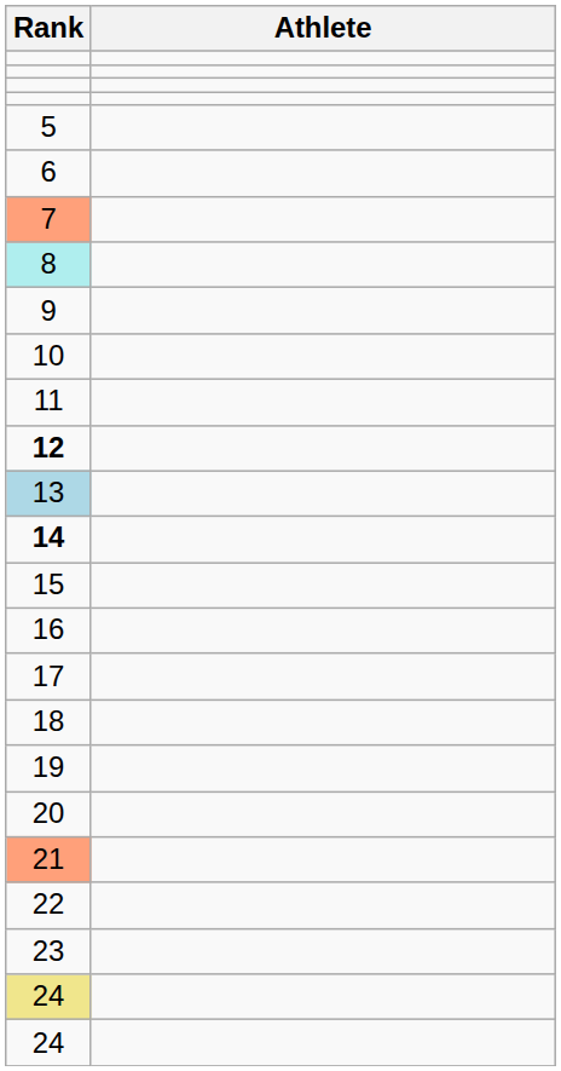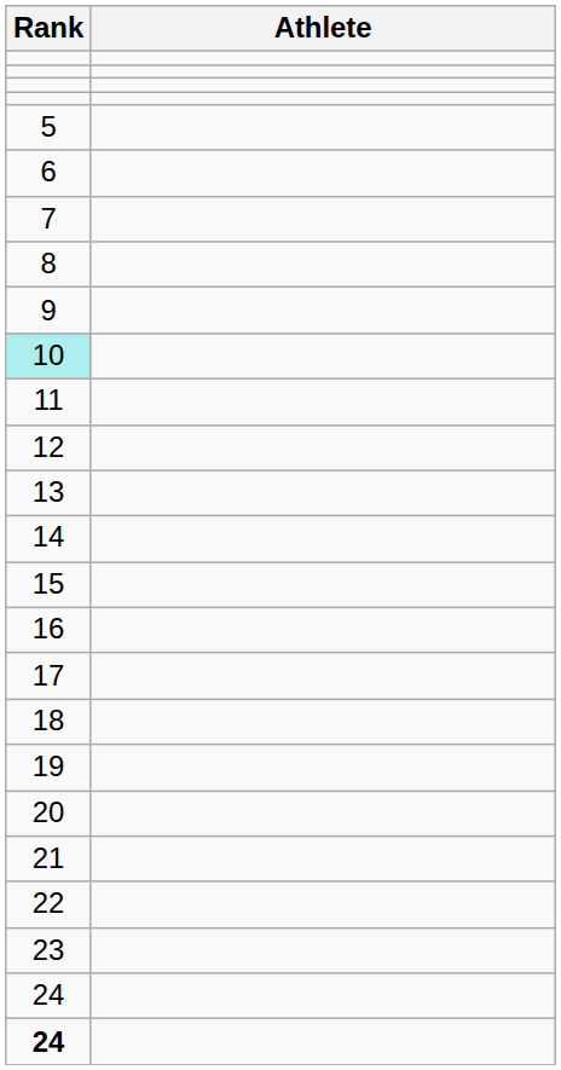 <table class="wikitable" style="text-align: center;">
 <tr>
 <th width=40>Rank</th>
 <th width=250>Athlete</th>
 </tr>
 <tr>
 <td></td>
 <td align=left></td>
 </tr>
 <tr>
 <td></td>
 <td align=left></td>
 </tr>
 <tr>
 <td></td>
 <td align=left></td>
 </tr>
 <tr>
 <td></td>
 <td align=left></td>
 </tr>
 <tr>
 <td>5</td>
 <td align=left></td>
 </tr>
 <tr>
 <td>6</td>
 <td align=left></td>
 </tr>
 <tr>
-<td style="background: lightsalmon;">7</td>
+<td>7</td>
 <td align=left></td>
 </tr>
 <tr>
-<td style="background: paleturquoise;">8</td>
+<td>8</td>
 <td align=left></td>
 </tr>
 <tr>
 <td>9</td>
 <td align=left></td>
 </tr>
 <tr>
-<td>10</td>
+<td style="background: paleturquoise;">10</td>
 <td align=left></td>
 </tr>
 <tr>
 <td>11</td>
 <td align=left></td>
 </tr>
 <tr>
-<td><strong>12</strong></td>
+<td>12</td>
 <td align=left></td>
 </tr>
 <tr>
-<td style="background: lightblue;">13</td>
+<td>13</td>
 <td align=left></td>
 </tr>
 <tr>
-<td><strong>14</strong></td>
+<td>14</td>
 <td align=left></td>
 </tr>
 <tr>
 <td>15</td>
 <td align=left></td>
 </tr>
 <tr>
 <td>16</td>
 <td align=left></td>
 </tr>
 <tr>
 <td>17</td>
 <td align=left></td>
 </tr>
 <tr>
 <td>18</td>
 <td align=left></td>
 </tr>
 <tr>
 <td>19</td>
 <td align=left></td>
 </tr>
 <tr>
 <td>20</td>
 <td align=left></td>
 </tr>
 <tr>
-<td style="background: lightsalmon;">21</td>
+<td>21</td>
 <td align=left></td>
 </tr>
 <tr>
 <td>22</td>
 <td align=left></td>
 </tr>
 <tr>
 <td>23</td>
 <td align=left></td>
 </tr>
 <tr>
-<td style="background: khaki;">24</td>
+<td>24</td>
 <td align=left></td>
 </tr>
 <tr>
-<td>24</td>
+<td><strong>24</strong></td>
 <td align=left></td>
 </tr>
 </table>
